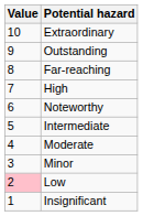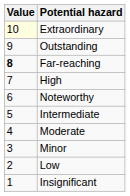 <table class="wikitable">
 <tr>
 <th>Value</th>
 <th>Potential hazard</th>
 </tr>
 <tr>
-<td>10</td>
+<td style="background: lightyellow;">10</td>
 <td>Extraordinary</td>
 </tr>
 <tr>
 <td>9</td>
 <td>Outstanding</td>
 </tr>
 <tr>
-<td>8</td>
+<td><strong>8</strong></td>
 <td>Far-reaching</td>
 </tr>
 <tr>
 <td>7</td>
 <td>High</td>
 </tr>
 <tr>
 <td>6</td>
 <td>Noteworthy</td>
 </tr>
 <tr>
 <td>5</td>
 <td>Intermediate</td>
 </tr>
 <tr>
 <td>4</td>
 <td>Moderate</td>
 </tr>
 <tr>
 <td>3</td>
 <td>Minor</td>
 </tr>
 <tr>
-<td style="background: pink;">2</td>
+<td>2</td>
 <td>Low</td>
 </tr>
 <tr>
 <td>1</td>
 <td>Insignificant</td>
 </tr>
 </table>
